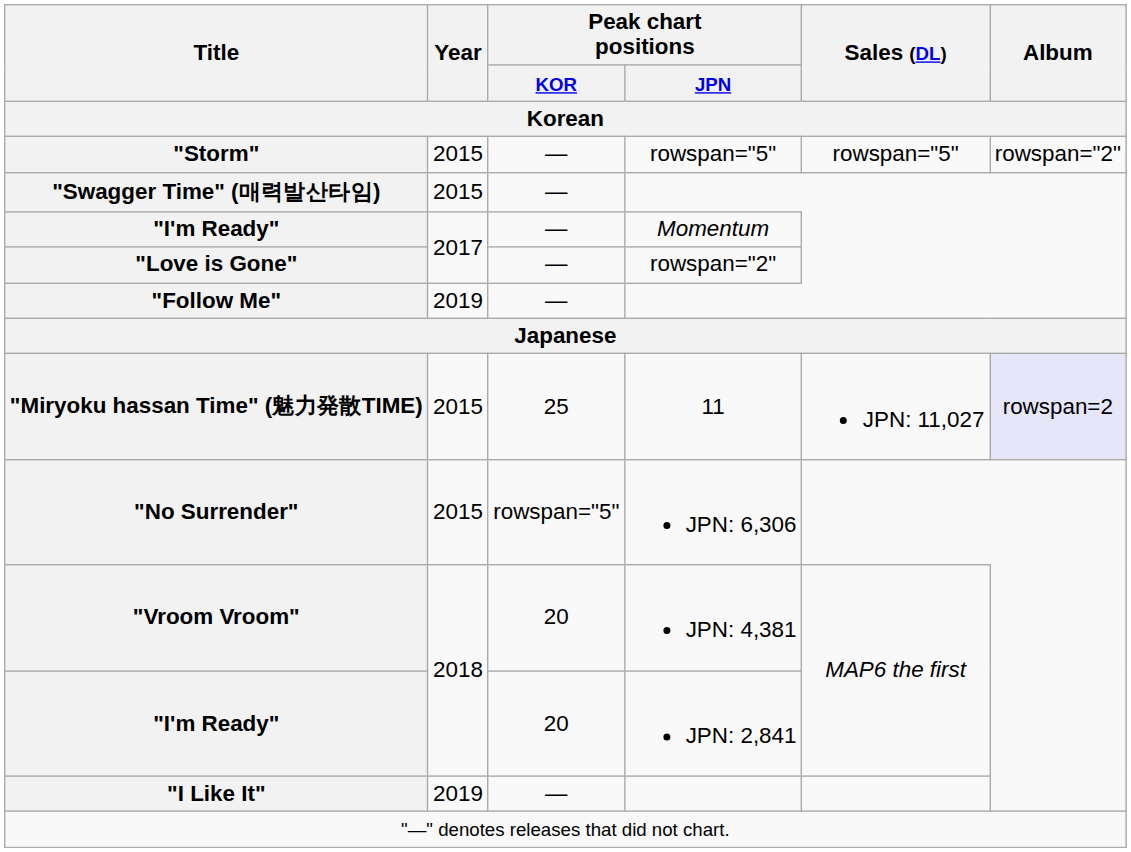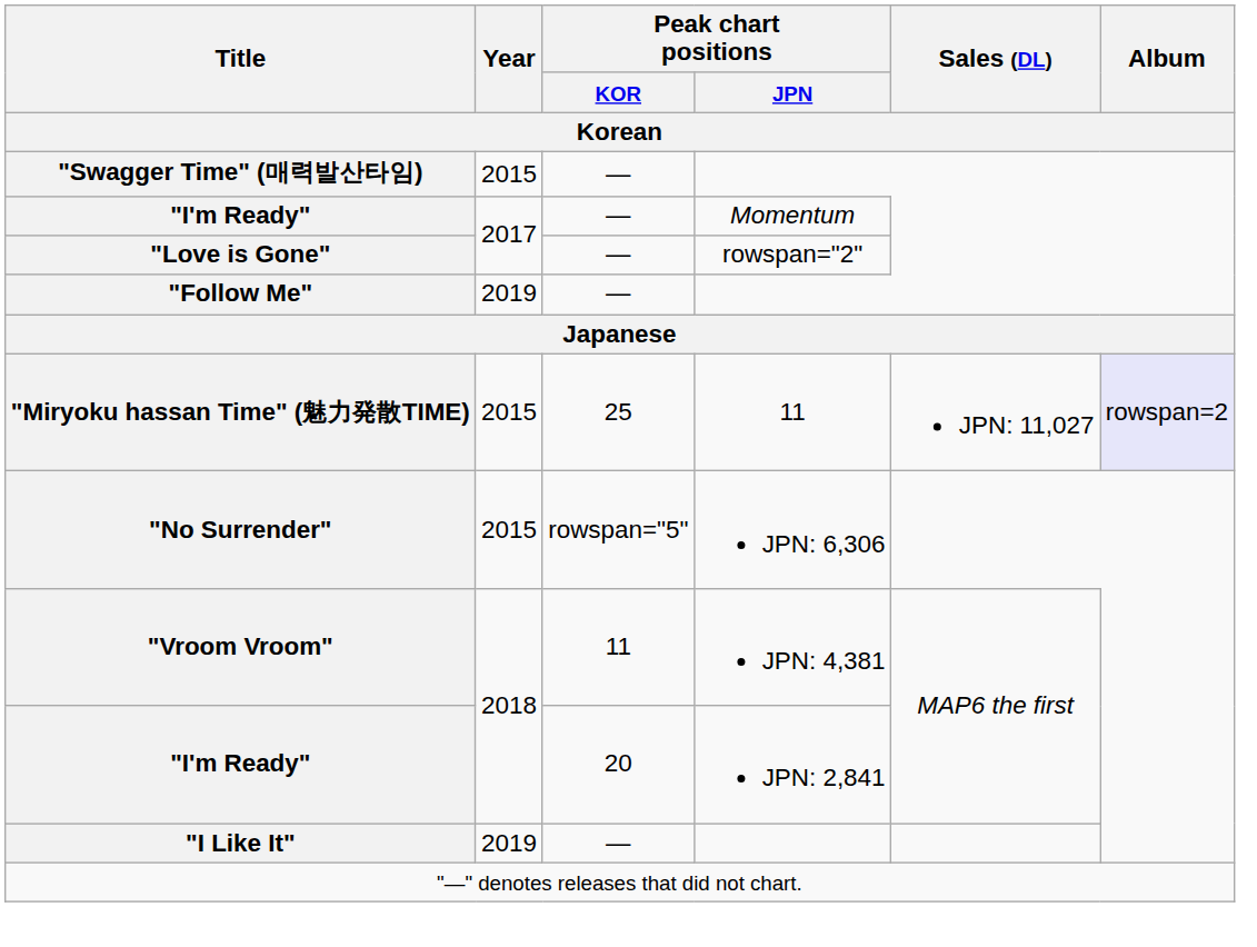 <table class="wikitable plainrowheaders" style="text-align:center;">
 <tr>
 <th scope="col" rowspan="2">Title</th>
 <th scope="col" rowspan="2">Year</th>
 <th scope="col" colspan="2">Peak chart <br> positions</th>
 <th scope="col" rowspan="2">Sales <small>(<a href='#'>DL</a>)</small></th>
 <th scope="col" rowspan="2">Album</th>
 </tr>
 <tr>
 <th><small><a href='#'>KOR</a></small><br></th>
 <th><small><a href='#'>JPN</a></small><br></th>
 </tr>
 <tr>
 <th scope="col" colspan="6">Korean</th>
-</tr>
-<tr>
-<th scope="row">"Storm"</th>
-<td>2015</td>
-<td>—</td>
-<td>rowspan="5" </td>
-<td>rowspan="5" </td>
-<td>rowspan="2" </td>
 </tr>
 <tr>
 <th scope="row">"Swagger Time" (매력발산타임)</th>
 <td>2015</td>
 <td>—</td>
 </tr>
 <tr>
 <th scope="row">"I'm Ready"</th>
 <td rowspan="2">2017</td>
 <td>—</td>
 <td><em>Momentum</em></td>
 </tr>
 <tr>
 <th scope="row">"Love is Gone"</th>
 <td>—</td>
 <td>rowspan="2" </td>
 </tr>
 <tr>
 <th scope="row">"Follow Me"</th>
 <td>2019</td>
 <td>—</td>
 </tr>
 <tr>
 <th scope="col" colspan="6">Japanese</th>
 </tr>
 <tr>
 <th scope="row">"Miryoku hassan Time" (魅力発散TIME)</th>
 <td>2015</td>
 <td>25</td>
 <td>11</td>
 <td><br><ul><li>JPN: 11,027</li></ul></td>
 <td style="background: lavender;">rowspan=2 </td>
 </tr>
 <tr>
 <th scope="row">"No Surrender"</th>
 <td>2015</td>
 <td>rowspan="5" </td>
 <td><br><ul><li>JPN: 6,306</li></ul></td>
 </tr>
 <tr>
 <th scope="row">"Vroom Vroom"</th>
 <td rowspan="2">2018</td>
-<td>20</td>
+<td>11</td>
 <td><br><ul><li>JPN: 4,381</li></ul></td>
 <td rowspan="2"><em>MAP6 the first</em></td>
 </tr>
 <tr>
 <th scope="row">"I'm Ready"</th>
 <td>20</td>
 <td><br><ul><li>JPN: 2,841</li></ul></td>
 </tr>
 <tr>
 <th scope="row">"I Like It"</th>
 <td>2019</td>
 <td>—</td>
 <td></td>
 <td></td>
 </tr>
 <tr>
 <td colspan="6" align="center"><small>"—" denotes releases that did not chart.</small></td>
 </tr>
 </table>
